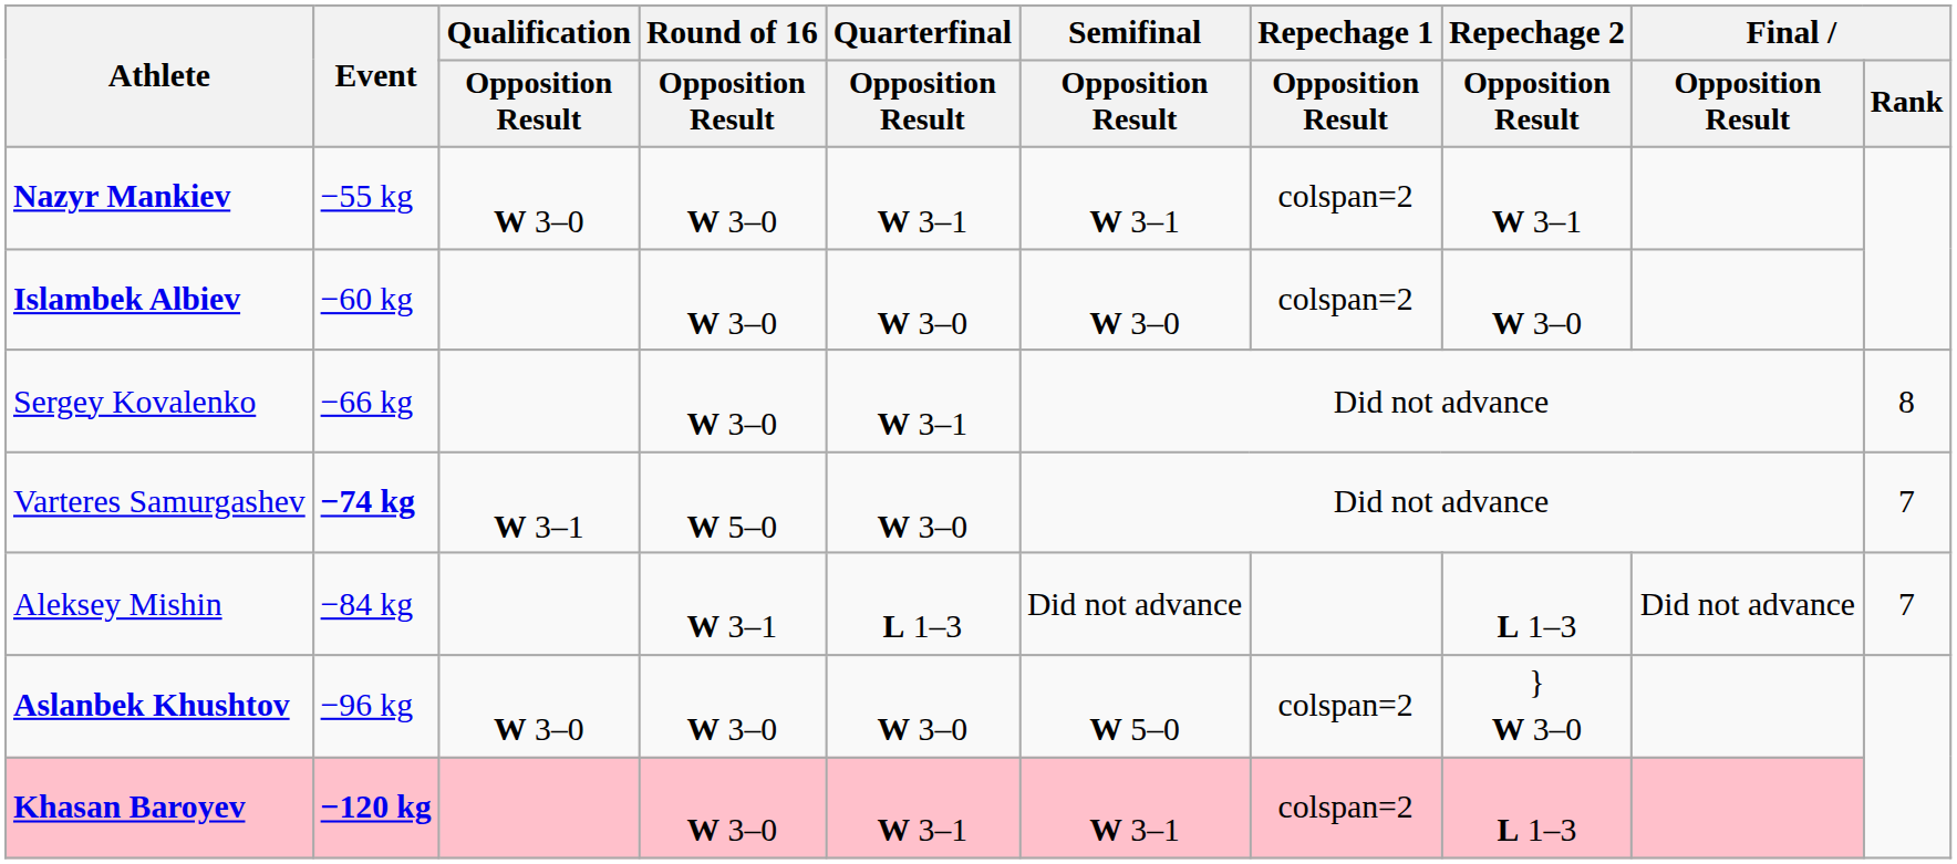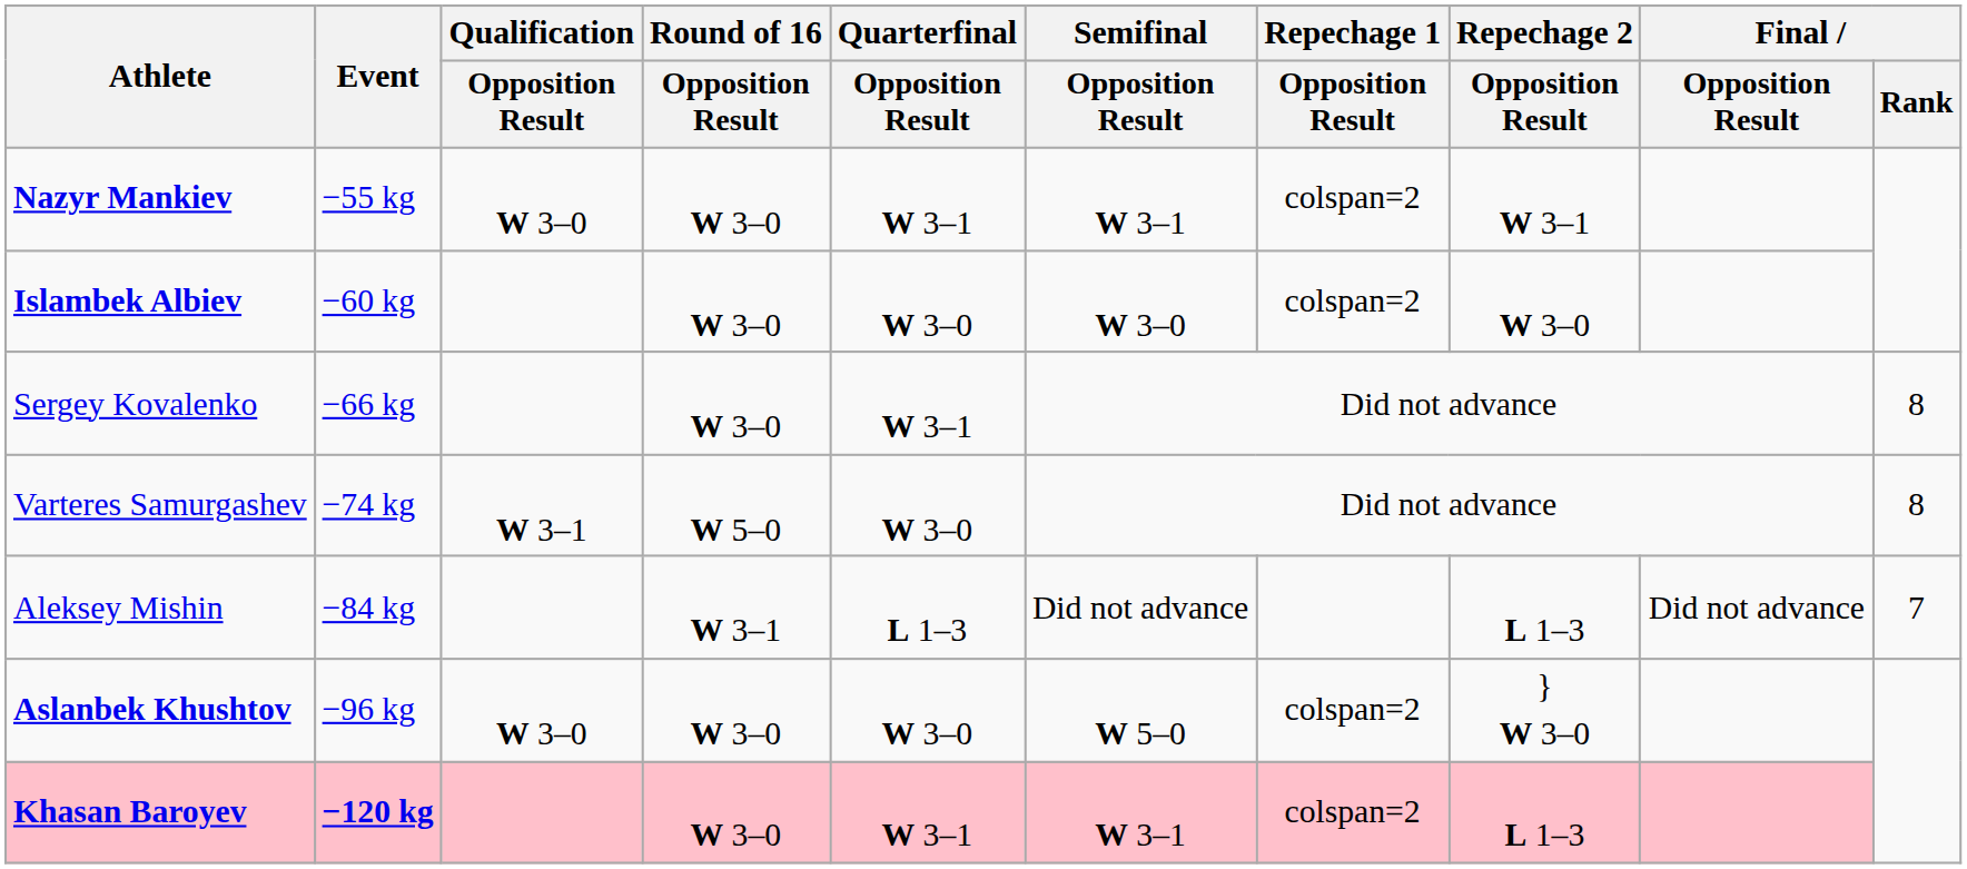 <table class="wikitable" style="font-size:90%">
 <tr>
 <th rowspan="2">Athlete</th>
 <th rowspan="2">Event</th>
 <th>Qualification</th>
 <th>Round of 16</th>
 <th>Quarterfinal</th>
 <th>Semifinal</th>
 <th>Repechage 1</th>
 <th>Repechage 2</th>
 <th colspan=2>Final / </th>
 </tr>
 <tr style="font-size: 95%">
 <th>Opposition<br>Result</th>
 <th>Opposition<br>Result</th>
 <th>Opposition<br>Result</th>
 <th>Opposition<br>Result</th>
 <th>Opposition<br>Result</th>
 <th>Opposition<br>Result</th>
 <th>Opposition<br>Result</th>
 <th>Rank</th>
 </tr>
 <tr align=center>
 <td align=left><strong><a href='#'>Nazyr Mankiev</a></strong></td>
 <td align=left><a href='#'>−55 kg</a></td>
 <td><br><strong>W</strong> 3–0 <sup></sup></td>
 <td><br><strong>W</strong> 3–0 <sup></sup></td>
 <td><br><strong>W</strong> 3–1 <sup></sup></td>
 <td><br><strong>W</strong> 3–1 <sup></sup></td>
 <td>colspan=2 </td>
 <td><br><strong>W</strong> 3–1 <sup></sup></td>
 <td></td>
 </tr>
 <tr align=center>
 <td align=left><strong><a href='#'>Islambek Albiev</a></strong></td>
 <td align=left><a href='#'>−60 kg</a></td>
 <td></td>
 <td><br><strong>W</strong> 3–0 <sup></sup></td>
 <td><br><strong>W</strong> 3–0 <sup></sup></td>
 <td><br><strong>W</strong> 3–0 <sup></sup></td>
 <td>colspan=2 </td>
 <td><br><strong>W</strong> 3–0 <sup></sup></td>
 <td></td>
 </tr>
 <tr align=center>
 <td align=left><a href='#'>Sergey Kovalenko</a></td>
 <td align=left><a href='#'>−66 kg</a></td>
 <td></td>
 <td><br><strong>W</strong> 3–0 <sup></sup></td>
 <td><br><strong>W</strong> 3–1 <sup></sup></td>
 <td colspan=4>Did not advance</td>
 <td>8</td>
 </tr>
 <tr align=center>
 <td align=left><a href='#'>Varteres Samurgashev</a></td>
-<td align=left><strong><a href='#'>−74 kg</a></strong></td>
+<td align=left><a href='#'>−74 kg</a></td>
 <td><br><strong>W</strong> 3–1 <sup></sup></td>
 <td><br><strong>W</strong> 5–0 <sup></sup></td>
 <td><br><strong>W</strong> 3–0 <sup></sup></td>
 <td colspan=4>Did not advance</td>
-<td>7</td>
+<td>8</td>
 </tr>
 <tr align=center>
 <td align=left><a href='#'>Aleksey Mishin</a></td>
 <td align=left><a href='#'>−84 kg</a></td>
 <td></td>
 <td><br><strong>W</strong> 3–1 <sup></sup></td>
 <td><br><strong>L</strong> 1–3 <sup></sup></td>
 <td>Did not advance</td>
 <td></td>
 <td><br><strong>L</strong> 1–3 <sup></sup></td>
 <td>Did not advance</td>
 <td>7</td>
 </tr>
 <tr align=center>
 <td align=left><strong><a href='#'>Aslanbek Khushtov</a></strong></td>
 <td align=left><a href='#'>−96 kg</a></td>
 <td><br><strong>W</strong> 3–0 <sup></sup></td>
 <td><br><strong>W</strong> 3–0 <sup></sup></td>
 <td><br><strong>W</strong> 3–0 <sup></sup></td>
 <td><br><strong>W</strong> 5–0 <sup></sup></td>
 <td>colspan=2 </td>
 <td>}<br><strong>W</strong> 3–0 <sup></sup></td>
 <td></td>
 </tr>
 <tr align=center bgcolor="pink">
 <td align=left><strong><a href='#'>Khasan Baroyev</a></strong></td>
 <td align=left><strong><a href='#'>−120 kg</a></strong></td>
 <td></td>
 <td><br><strong>W</strong> 3–0 <sup></sup></td>
 <td><br><strong>W</strong> 3–1 <sup></sup></td>
 <td><br><strong>W</strong> 3–1 <sup></sup></td>
 <td>colspan=2 </td>
 <td><br><strong>L</strong> 1–3 <sup></sup></td>
 <td></td>
 </tr>
 </table>
